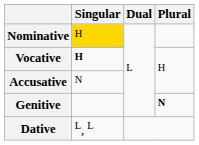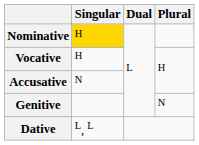 <table class="wikitable">
 <tr>
 <th></th>
 <th>Singular</th>
 <th>Dual</th>
 <th>Plural</th>
 </tr>
 <tr>
 <th>Nominative</th>
 <td style="background: gold;"><sup>H</sup></td>
 <td rowspan="4"><sup>L</sup></td>
 <td></td>
 </tr>
 <tr>
 <th>Vocative</th>
-<td><strong><sup>H</sup></strong></td>
+<td><sup>H</sup></td>
 <td rowspan="2"><sup>H</sup></td>
 </tr>
 <tr>
 <th>Accusative</th>
 <td><sup>N</sup></td>
 </tr>
 <tr>
 <th>Genitive</th>
 <td></td>
-<td><strong><sup>N</sup></strong></td>
+<td><sup>N</sup></td>
 </tr>
 <tr>
 <th>Dative</th>
 <td><sup>L</sup>, <sup>L</sup></td>
 <td colspan="2"></td>
 </tr>
 </table>
